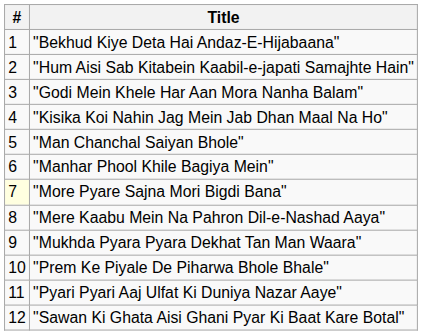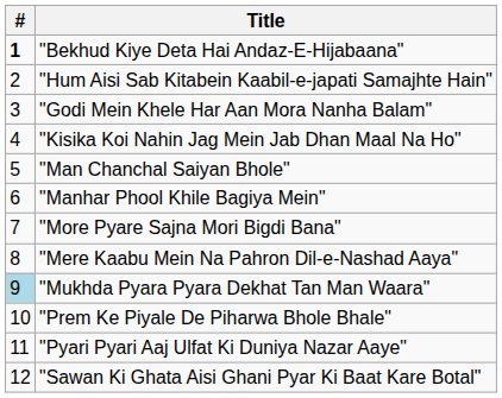 <table class="wikitable" style="font-size:95%;">
 <tr>
 <th>#</th>
 <th>Title</th>
 </tr>
 <tr>
-<td>1</td>
+<td><strong>1</strong></td>
 <td>"Bekhud Kiye Deta Hai Andaz-E-Hijabaana"</td>
 </tr>
 <tr>
 <td>2</td>
 <td>"Hum Aisi Sab Kitabein Kaabil-e-japati Samajhte Hain"</td>
 </tr>
 <tr>
 <td>3</td>
 <td>"Godi Mein Khele Har Aan Mora Nanha Balam"</td>
 </tr>
 <tr>
 <td>4</td>
 <td>"Kisika Koi Nahin Jag Mein Jab Dhan Maal Na Ho"</td>
 </tr>
 <tr>
 <td>5</td>
 <td>"Man Chanchal Saiyan Bhole"</td>
 </tr>
 <tr>
 <td>6</td>
 <td>"Manhar Phool Khile Bagiya Mein"</td>
 </tr>
 <tr>
-<td style="background: lightyellow;">7</td>
+<td>7</td>
 <td>"More Pyare Sajna Mori Bigdi Bana"</td>
 </tr>
 <tr>
 <td>8</td>
 <td>"Mere Kaabu Mein Na Pahron Dil-e-Nashad Aaya"</td>
 </tr>
 <tr>
-<td>9</td>
+<td style="background: lightblue;">9</td>
 <td>"Mukhda Pyara Pyara Dekhat Tan Man Waara"</td>
 </tr>
 <tr>
 <td>10</td>
 <td>"Prem Ke Piyale De Piharwa Bhole Bhale"</td>
 </tr>
 <tr>
 <td>11</td>
 <td>"Pyari Pyari Aaj Ulfat Ki Duniya Nazar Aaye"</td>
 </tr>
 <tr>
 <td>12</td>
 <td>"Sawan Ki Ghata Aisi Ghani Pyar Ki Baat Kare Botal"</td>
 </tr>
 </table>
